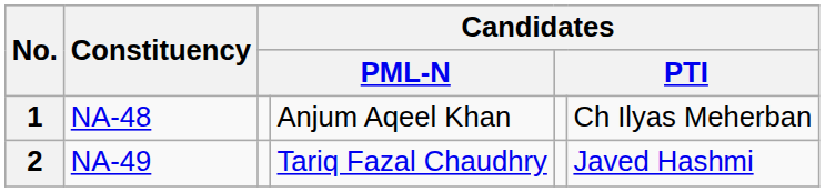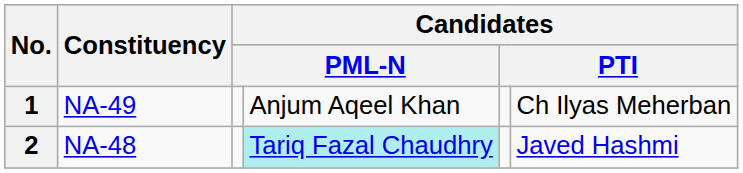 <table class="wikitable sortable">
 <tr>
 <th rowspan="2">No.</th>
 <th rowspan="2">Constituency</th>
 <th colspan="4">Candidates</th>
 </tr>
 <tr>
 <th colspan="2"><a href='#'>PML-N</a></th>
 <th colspan="2"><a href='#'>PTI</a></th>
 </tr>
 <tr>
 <th>1</th>
-<td><a href='#'>NA-48</a></td>
+<td><a href='#'>NA-49</a></td>
 <td style="background:"></td>
 <td>Anjum Aqeel Khan</td>
 <td style="background:"></td>
 <td>Ch Ilyas Meherban</td>
 </tr>
 <tr>
 <th>2</th>
-<td><a href='#'>NA-49</a></td>
+<td><a href='#'>NA-48</a></td>
 <td style="background:"></td>
-<td><a href='#'>Tariq Fazal Chaudhry</a></td>
+<td style="background: paleturquoise;"><a href='#'>Tariq Fazal Chaudhry</a></td>
 <td style="background:"></td>
 <td><a href='#'>Javed Hashmi</a></td>
 </tr>
 </table>
